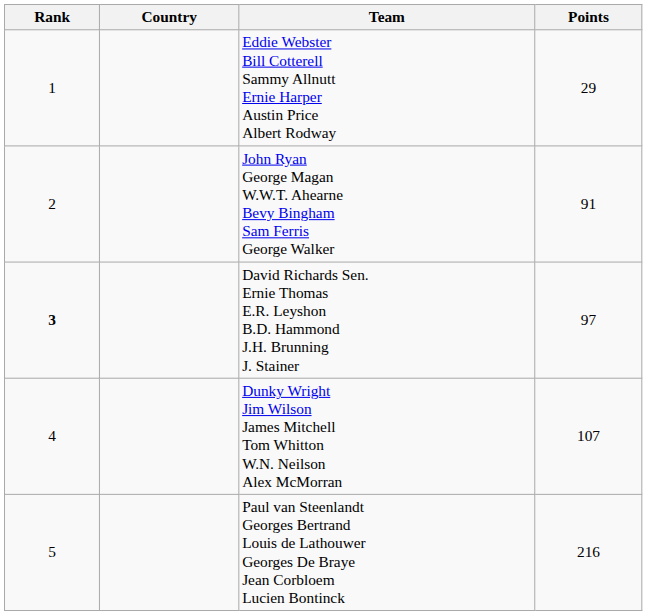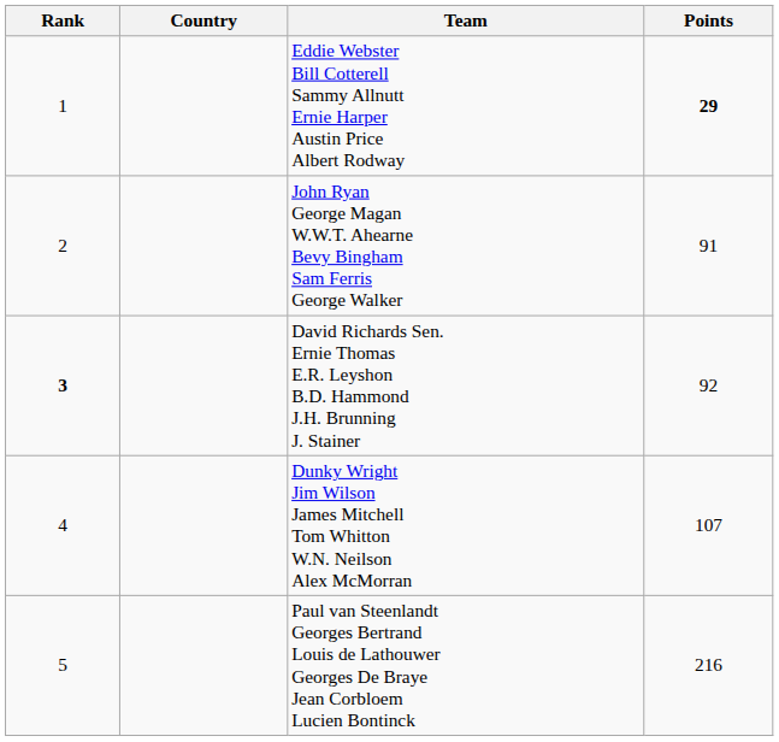 <table class="wikitable sortable" style=" text-align:center; font-size:95%;" width="50%">
 <tr>
 <th>Rank</th>
 <th>Country</th>
 <th>Team</th>
 <th>Points</th>
 </tr>
 <tr>
 <td align=center>1</td>
 <td align=left></td>
 <td align=left><a href='#'>Eddie Webster</a><br><a href='#'>Bill Cotterell</a><br>Sammy Allnutt<br><a href='#'>Ernie Harper</a><br>Austin Price<br>Albert Rodway</td>
-<td>29</td>
+<td><strong>29</strong></td>
 </tr>
 <tr>
 <td align=center>2</td>
 <td align=left></td>
 <td align=left><a href='#'>John Ryan</a><br>George Magan<br>W.W.T. Ahearne<br><a href='#'>Bevy Bingham</a><br><a href='#'>Sam Ferris</a><br>George Walker</td>
 <td>91</td>
 </tr>
 <tr>
 <td align=center><strong>3</strong></td>
 <td align=left></td>
 <td align=left>David Richards Sen.<br>Ernie Thomas<br>E.R. Leyshon<br>B.D. Hammond<br>J.H. Brunning<br>J. Stainer</td>
-<td>97</td>
+<td>92</td>
 </tr>
 <tr>
 <td align=center>4</td>
 <td align=left></td>
 <td align=left><a href='#'>Dunky Wright</a><br><a href='#'>Jim Wilson</a><br>James Mitchell<br>Tom Whitton<br>W.N. Neilson<br>Alex McMorran</td>
 <td>107</td>
 </tr>
 <tr>
 <td align=center>5</td>
 <td align=left></td>
 <td align=left>Paul van Steenlandt<br>Georges Bertrand<br>Louis de Lathouwer<br>Georges De Braye<br>Jean Corbloem<br>Lucien Bontinck</td>
 <td>216</td>
 </tr>
 </table>
